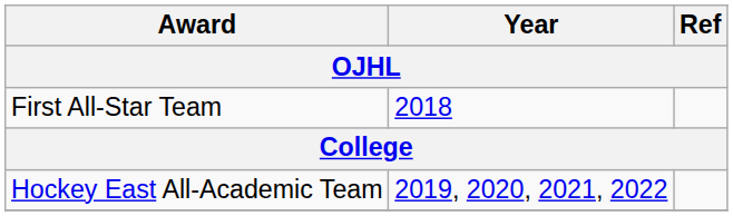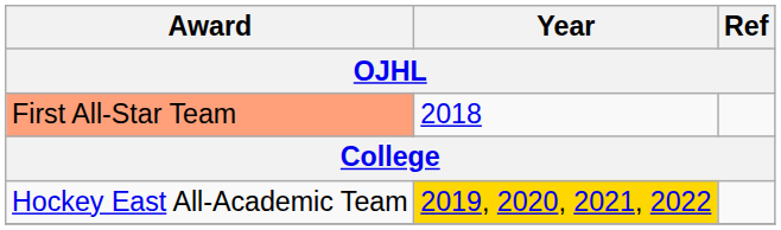 <table class="wikitable">
 <tr>
 <th>Award</th>
 <th>Year</th>
 <th>Ref</th>
 </tr>
 <tr>
 <th colspan="3"><a href='#'>OJHL</a></th>
 </tr>
 <tr>
-<td>First All-Star Team</td>
+<td style="background: lightsalmon;">First All-Star Team</td>
 <td><a href='#'>2018</a></td>
 <td></td>
 </tr>
 <tr>
 <th colspan="3"><a href='#'>College</a></th>
 </tr>
 <tr>
 <td><a href='#'>Hockey East</a> All-Academic Team</td>
-<td><a href='#'>2019</a>, <a href='#'>2020</a>, <a href='#'>2021</a>, <a href='#'>2022</a></td>
+<td style="background: gold;"><a href='#'>2019</a>, <a href='#'>2020</a>, <a href='#'>2021</a>, <a href='#'>2022</a></td>
 <td></td>
 </tr>
 <tr>
 </tr>
 </table>
